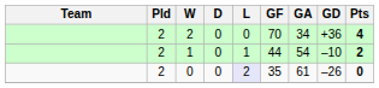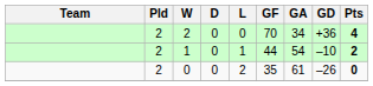 <table class="wikitable" style="text-align: center;">
 <tr>
 <th width="180">Team</th>
 <th width="30">Pld</th>
 <th width="30">W</th>
 <th width="30">D</th>
 <th width="30">L</th>
 <th width="30">GF</th>
 <th width="30">GA</th>
 <th width="30">GD</th>
 <th width="30">Pts</th>
 </tr>
 <tr bgcolor=#CCFFCC>
 <td align="left"></td>
 <td>2</td>
 <td>2</td>
 <td>0</td>
 <td>0</td>
 <td>70</td>
 <td>34</td>
 <td>+36</td>
 <td><strong>4</strong></td>
 </tr>
 <tr bgcolor=#CCFFCC>
 <td align="left"></td>
 <td>2</td>
 <td>1</td>
 <td>0</td>
 <td>1</td>
 <td>44</td>
 <td>54</td>
 <td>–10</td>
 <td><strong>2</strong></td>
 </tr>
 <tr>
 <td align="left"></td>
 <td>2</td>
 <td>0</td>
 <td>0</td>
-<td style="background: lavender;">2</td>
+<td>2</td>
 <td>35</td>
 <td>61</td>
 <td>–26</td>
 <td><strong>0</strong></td>
 </tr>
 <tr>
 </tr>
 </table>
